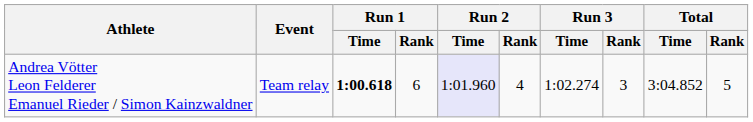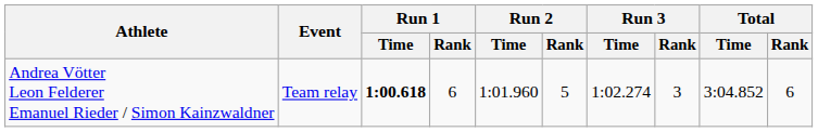 <table class="wikitable" style="font-size:90%">
 <tr>
 <th rowspan="2">Athlete</th>
 <th rowspan="2">Event</th>
 <th colspan=2>Run 1</th>
 <th colspan=2>Run 2</th>
 <th colspan=2>Run 3</th>
 <th colspan=2>Total</th>
 </tr>
 <tr style="font-size:95%">
 <th>Time</th>
 <th>Rank</th>
 <th>Time</th>
 <th>Rank</th>
 <th>Time</th>
 <th>Rank</th>
 <th>Time</th>
 <th>Rank</th>
 </tr>
 <tr align=center>
 <td align=left><a href='#'>Andrea Vötter</a><br><a href='#'>Leon Felderer</a><br><a href='#'>Emanuel Rieder</a> / <a href='#'>Simon Kainzwaldner</a></td>
 <td align=left><a href='#'>Team relay</a></td>
 <td><strong>1:00.618</strong></td>
 <td>6</td>
-<td style="background: lavender;">1:01.960</td>
-<td>4</td>
+<td>1:01.960</td>
+<td>5</td>
 <td>1:02.274</td>
 <td>3</td>
 <td>3:04.852</td>
-<td>5</td>
+<td>6</td>
 </tr>
 </table>
